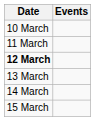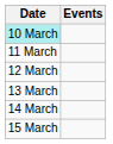 <table class="wikitable floatright">
 <tr>
 <th>Date</th>
 <th>Events</th>
 </tr>
 <tr>
-<td>10 March</td>
+<td style="background: paleturquoise;">10 March</td>
 <td></td>
 </tr>
 <tr>
 <td>11 March</td>
 <td></td>
 </tr>
 <tr>
-<td><strong>12 March</strong></td>
+<td>12 March</td>
 <td></td>
 </tr>
 <tr>
 <td>13 March</td>
 <td></td>
 </tr>
 <tr>
 <td>14 March</td>
 <td></td>
 </tr>
 <tr>
 <td>15 March</td>
 <td></td>
 </tr>
 </table>
